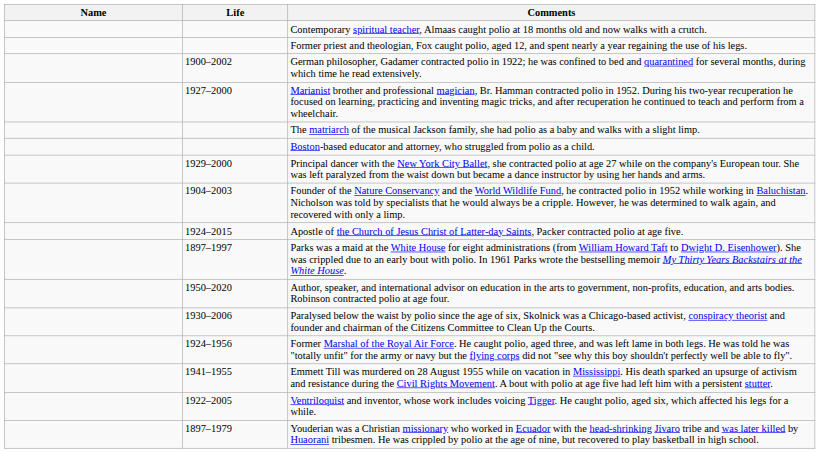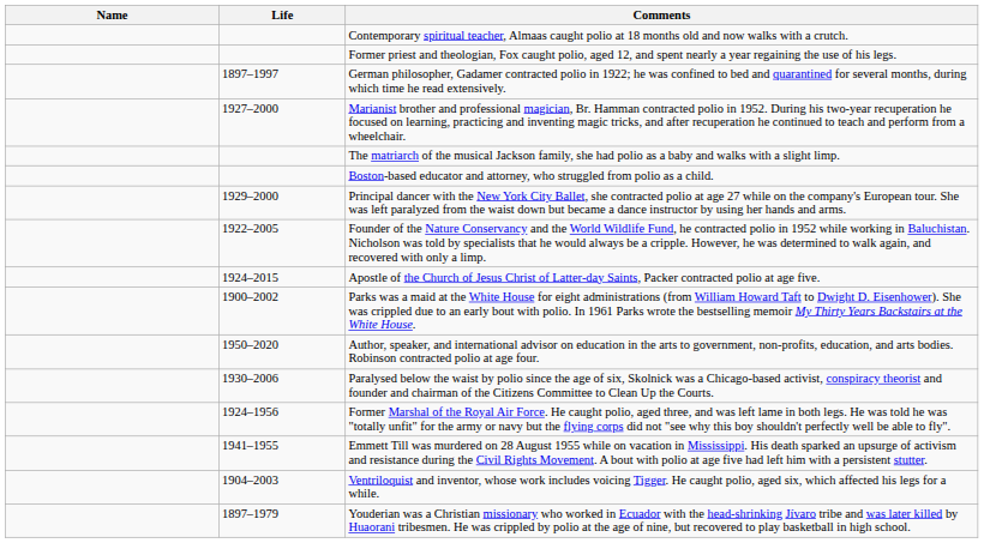 <table class="sortable wikitable">
 <tr>
 <th width="22%">Name</th>
 <th width="13%">Life</th>
 <th class="unsortable" width="65%">Comments</th>
 </tr>
 <tr valign="top">
 <td></td>
 <td></td>
 <td>Contemporary <a href='#'>spiritual teacher</a>, Almaas caught polio at 18 months old and now walks with a crutch.</td>
 </tr>
 <tr valign="top">
 <td></td>
 <td></td>
 <td>Former priest and theologian, Fox caught polio, aged 12, and spent nearly a year regaining the use of his legs.</td>
 </tr>
 <tr valign="top">
 <td></td>
-<td>1900–2002</td>
+<td>1897–1997</td>
 <td>German philosopher, Gadamer contracted polio in 1922; he was confined to bed and <a href='#'>quarantined</a> for several months, during which time he read extensively.</td>
 </tr>
 <tr valign="top">
 <td></td>
 <td>1927–2000</td>
 <td><a href='#'>Marianist</a> brother and professional <a href='#'>magician</a>, Br. Hamman contracted polio in 1952. During his two-year recuperation he focused on learning, practicing and inventing magic tricks, and after recuperation he continued to teach and perform from a wheelchair.</td>
 </tr>
 <tr valign="top">
 <td></td>
 <td></td>
 <td>The <a href='#'>matriarch</a> of the musical Jackson family, she had polio as a baby and walks with a slight limp.</td>
 </tr>
 <tr valign="top">
 <td></td>
 <td></td>
 <td><a href='#'>Boston</a>-based educator and attorney, who struggled from polio as a child.</td>
 </tr>
 <tr valign="top">
 <td></td>
 <td>1929–2000</td>
 <td>Principal dancer with the <a href='#'>New York City Ballet</a>, she contracted polio at age 27 while on the company's European tour. She was left paralyzed from the waist down but became a dance instructor by using her hands and arms.</td>
 </tr>
 <tr valign="top">
 <td></td>
-<td>1904–2003</td>
+<td>1922–2005</td>
 <td>Founder of the <a href='#'>Nature Conservancy</a> and the <a href='#'>World Wildlife Fund</a>, he contracted polio in 1952 while working in <a href='#'>Baluchistan</a>. Nicholson was told by specialists that he would always be a cripple. However, he was determined to walk again, and recovered with only a limp.</td>
 </tr>
 <tr valign="top">
 <td></td>
 <td>1924–2015</td>
 <td>Apostle of <a href='#'>the Church of Jesus Christ of Latter-day Saints</a>, Packer contracted polio at age five.</td>
 </tr>
 <tr valign="top">
 <td></td>
-<td>1897–1997</td>
+<td>1900–2002</td>
 <td>Parks was a maid at the <a href='#'>White House</a> for eight administrations (from <a href='#'>William Howard Taft</a> to <a href='#'>Dwight D. Eisenhower</a>). She was crippled due to an early bout with polio. In 1961 Parks wrote the bestselling memoir <em><a href='#'>My Thirty Years Backstairs at the White House</a></em>.</td>
 </tr>
 <tr valign="top">
 <td></td>
 <td>1950–2020</td>
 <td>Author, speaker, and international advisor on education in the arts to government, non-profits, education, and arts bodies. Robinson contracted polio at age four.</td>
 </tr>
 <tr valign="top">
 <td></td>
 <td>1930–2006</td>
 <td>Paralysed below the waist by polio since the age of six, Skolnick was a Chicago-based activist, <a href='#'>conspiracy theorist</a> and founder and chairman of the Citizens Committee to Clean Up the Courts.</td>
 </tr>
 <tr valign="top">
 <td></td>
 <td>1924–1956</td>
 <td>Former <a href='#'>Marshal of the Royal Air Force</a>. He caught polio, aged three, and was left lame in both legs. He was told he was "totally unfit" for the army or navy but the <a href='#'>flying corps</a> did not "see why this boy shouldn't perfectly well be able to fly".</td>
 </tr>
 <tr valign="top">
 <td></td>
 <td>1941–1955</td>
 <td>Emmett Till was murdered on 28 August 1955 while on vacation in <a href='#'>Mississippi</a>. His death sparked an upsurge of activism and resistance during the <a href='#'>Civil Rights Movement</a>. A bout with polio at age five had left him with a persistent <a href='#'>stutter</a>.</td>
 </tr>
 <tr valign="top">
 <td></td>
-<td>1922–2005</td>
+<td>1904–2003</td>
 <td><a href='#'>Ventriloquist</a> and inventor, whose work includes voicing <a href='#'>Tigger</a>. He caught polio, aged six, which affected his legs for a while.</td>
 </tr>
 <tr valign="top">
 <td></td>
 <td>1897–1979</td>
 <td>Youderian was a Christian <a href='#'>missionary</a> who worked in <a href='#'>Ecuador</a> with the <a href='#'>head-shrinking</a> <a href='#'>Jívaro</a> tribe and <a href='#'>was later killed</a> by <a href='#'>Huaorani</a> tribesmen. He was crippled by polio at the age of nine, but recovered to play basketball in high school.</td>
 </tr>
 </table>
